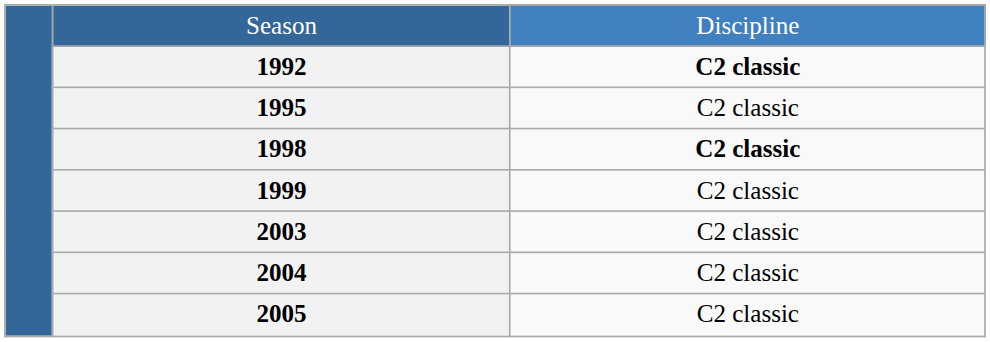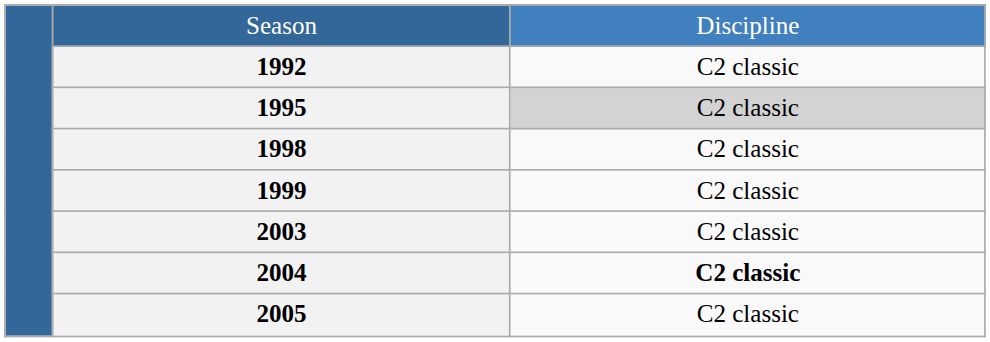 <table class="wikitable"  style="font-size:95%; text-align:center; border:gray solid 1px; width:30%;">
 <tr style="background:#369; color:white;">
 <td rowspan="22" style="width:1%;"></td>
 <td rowspan="2" style="width:10%;">Season</td>
 </tr>
 <tr style="background:#4180be; color:white;">
 <td style="width:10%;">Discipline</td>
 </tr>
 <tr>
 <th>1992</th>
-<td><strong>C2 classic</strong></td>
+<td>C2 classic</td>
 </tr>
 <tr>
 <th>1995</th>
-<td>C2 classic</td>
+<td style="background: lightgrey;">C2 classic</td>
 </tr>
 <tr>
 <th>1998</th>
-<td><strong>C2 classic</strong></td>
+<td>C2 classic</td>
 </tr>
 <tr>
 <th>1999</th>
 <td>C2 classic</td>
 </tr>
 <tr>
 <th>2003</th>
 <td>C2 classic</td>
 </tr>
 <tr>
 <th>2004</th>
-<td>C2 classic</td>
+<td><strong>C2 classic</strong></td>
 </tr>
 <tr>
 <th>2005</th>
 <td>C2 classic</td>
 </tr>
 </table>
